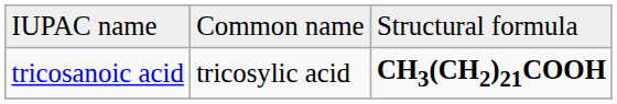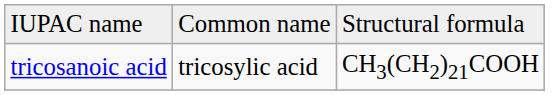 <table class="wikitable">
 <tr bgcolor="#efefef">
 <td>IUPAC name</td>
 <td>Common name</td>
 <td>Structural formula</td>
 </tr>
 <tr>
 <td><a href='#'>tricosanoic acid</a></td>
 <td>tricosylic acid</td>
-<td><strong>CH<sub>3</sub>(CH<sub>2</sub>)<sub>21</sub>COOH</strong></td>
+<td>CH<sub>3</sub>(CH<sub>2</sub>)<sub>21</sub>COOH</td>
 </tr>
 </table>
